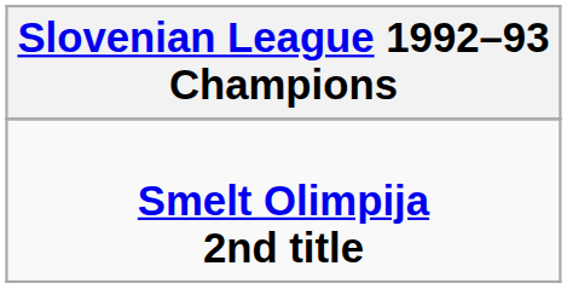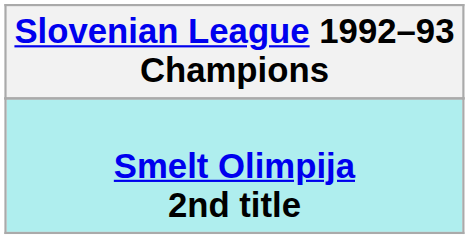 <table class="wikitable" style="text-align: center; margin: 0 auto;">
 <tr>
 <th><a href='#'>Slovenian League</a> 1992–93<br>Champions</th>
 </tr>
 <tr>
 </tr>
 <tr>
-<td><br><strong><a href='#'>Smelt Olimpija</a></strong><br><strong>2nd title</strong></td>
+<td style="background: paleturquoise;"><br><strong><a href='#'>Smelt Olimpija</a></strong><br><strong>2nd title</strong></td>
 </tr>
 </table>
